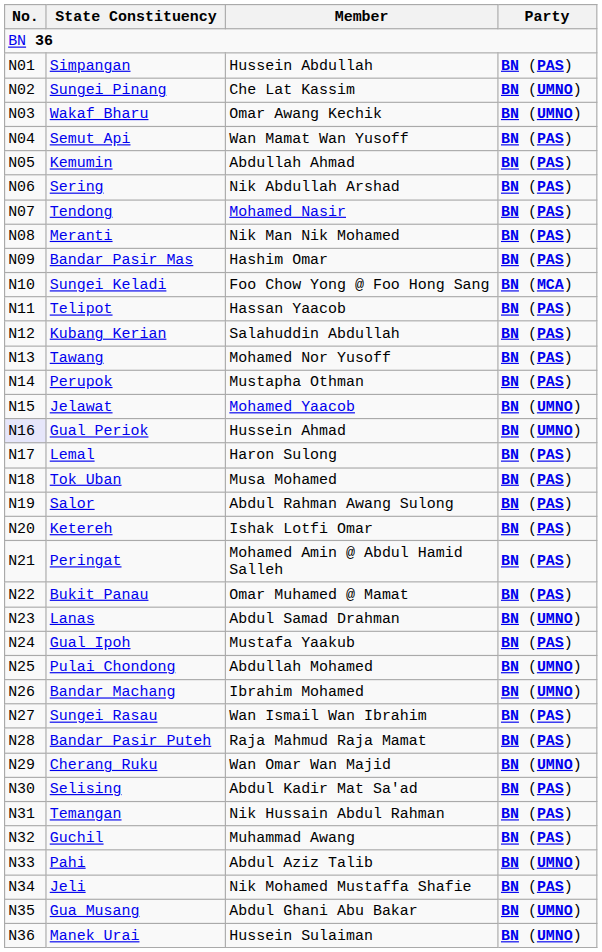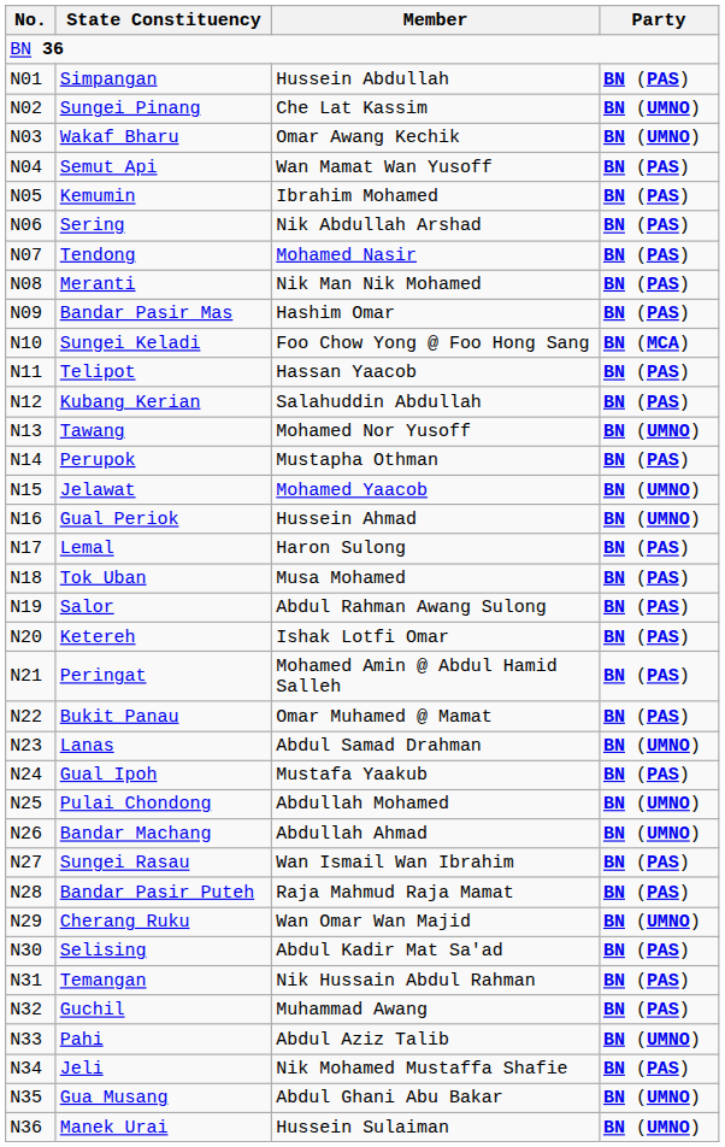 <table class="wikitable sortable">
 <tr>
 <th style="width:30px;">No.</th>
 <th style="width:150px;">State Constituency</th>
 <th style="width:230px;">Member</th>
 <th style="width:80px;">Party</th>
 </tr>
 <tr>
 <td colspan="4"><a href='#'>BN</a> <strong>36</strong></td>
 </tr>
 <tr>
 <td>N01</td>
 <td><a href='#'>Simpangan</a></td>
 <td>Hussein Abdullah</td>
 <td><strong><a href='#'>BN</a></strong> (<strong><a href='#'>PAS</a></strong>)</td>
 </tr>
 <tr>
 <td>N02</td>
 <td><a href='#'>Sungei Pinang</a></td>
 <td>Che Lat Kassim</td>
 <td><strong><a href='#'>BN</a></strong> (<strong><a href='#'>UMNO</a></strong>)</td>
 </tr>
 <tr>
 <td>N03</td>
 <td><a href='#'>Wakaf Bharu</a></td>
 <td>Omar Awang Kechik</td>
 <td><strong><a href='#'>BN</a></strong> (<strong><a href='#'>UMNO</a></strong>)</td>
 </tr>
 <tr>
 <td>N04</td>
 <td><a href='#'>Semut Api</a></td>
 <td>Wan Mamat Wan Yusoff</td>
 <td><strong><a href='#'>BN</a></strong> (<strong><a href='#'>PAS</a></strong>)</td>
 </tr>
 <tr>
 <td>N05</td>
 <td><a href='#'>Kemumin</a></td>
-<td>Abdullah Ahmad</td>
+<td>Ibrahim Mohamed</td>
 <td><strong><a href='#'>BN</a></strong> (<strong><a href='#'>PAS</a></strong>)</td>
 </tr>
 <tr>
 <td>N06</td>
 <td><a href='#'>Sering</a></td>
 <td>Nik Abdullah Arshad</td>
 <td><strong><a href='#'>BN</a></strong> (<strong><a href='#'>PAS</a></strong>)</td>
 </tr>
 <tr>
 <td>N07</td>
 <td><a href='#'>Tendong</a></td>
 <td><a href='#'>Mohamed Nasir</a></td>
 <td><strong><a href='#'>BN</a></strong> (<strong><a href='#'>PAS</a></strong>)</td>
 </tr>
 <tr>
 <td>N08</td>
 <td><a href='#'>Meranti</a></td>
 <td>Nik Man Nik Mohamed</td>
 <td><strong><a href='#'>BN</a></strong> (<strong><a href='#'>PAS</a></strong>)</td>
 </tr>
 <tr>
 <td>N09</td>
 <td><a href='#'>Bandar Pasir Mas</a></td>
 <td>Hashim Omar</td>
 <td><strong><a href='#'>BN</a></strong> (<strong><a href='#'>PAS</a></strong>)</td>
 </tr>
 <tr>
 <td>N10</td>
 <td><a href='#'>Sungei Keladi</a></td>
 <td>Foo Chow Yong @ Foo Hong Sang</td>
 <td><strong><a href='#'>BN</a></strong> (<strong><a href='#'>MCA</a></strong>)</td>
 </tr>
 <tr>
 <td>N11</td>
 <td><a href='#'>Telipot</a></td>
 <td>Hassan Yaacob</td>
 <td><strong><a href='#'>BN</a></strong> (<strong><a href='#'>PAS</a></strong>)</td>
 </tr>
 <tr>
 <td>N12</td>
 <td><a href='#'>Kubang Kerian</a></td>
 <td>Salahuddin Abdullah</td>
 <td><strong><a href='#'>BN</a></strong> (<strong><a href='#'>PAS</a></strong>)</td>
 </tr>
 <tr>
 <td>N13</td>
 <td><a href='#'>Tawang</a></td>
 <td>Mohamed Nor Yusoff</td>
-<td><strong><a href='#'>BN</a></strong> (<strong><a href='#'>PAS</a></strong>)</td>
+<td><strong><a href='#'>BN</a></strong> (<strong><a href='#'>UMNO</a></strong>)</td>
 </tr>
 <tr>
 <td>N14</td>
 <td><a href='#'>Perupok</a></td>
 <td>Mustapha Othman</td>
 <td><strong><a href='#'>BN</a></strong> (<strong><a href='#'>PAS</a></strong>)</td>
 </tr>
 <tr>
 <td>N15</td>
 <td><a href='#'>Jelawat</a></td>
 <td><a href='#'>Mohamed Yaacob</a></td>
 <td><strong><a href='#'>BN</a></strong> (<strong><a href='#'>UMNO</a></strong>)</td>
 </tr>
 <tr>
-<td style="background: lavender;">N16</td>
+<td>N16</td>
 <td><a href='#'>Gual Periok</a></td>
 <td>Hussein Ahmad</td>
 <td><strong><a href='#'>BN</a></strong> (<strong><a href='#'>UMNO</a></strong>)</td>
 </tr>
 <tr>
 <td>N17</td>
 <td><a href='#'>Lemal</a></td>
 <td>Haron Sulong</td>
 <td><strong><a href='#'>BN</a></strong> (<strong><a href='#'>PAS</a></strong>)</td>
 </tr>
 <tr>
 <td>N18</td>
 <td><a href='#'>Tok Uban</a></td>
 <td>Musa Mohamed</td>
 <td><strong><a href='#'>BN</a></strong> (<strong><a href='#'>PAS</a></strong>)</td>
 </tr>
 <tr>
 <td>N19</td>
 <td><a href='#'>Salor</a></td>
 <td>Abdul Rahman Awang Sulong</td>
 <td><strong><a href='#'>BN</a></strong> (<strong><a href='#'>PAS</a></strong>)</td>
 </tr>
 <tr>
 <td>N20</td>
 <td><a href='#'>Ketereh</a></td>
 <td>Ishak Lotfi Omar</td>
 <td><strong><a href='#'>BN</a></strong> (<strong><a href='#'>PAS</a></strong>)</td>
 </tr>
 <tr>
 <td>N21</td>
 <td><a href='#'>Peringat</a></td>
 <td>Mohamed Amin @ Abdul Hamid Salleh</td>
 <td><strong><a href='#'>BN</a></strong> (<strong><a href='#'>PAS</a></strong>)</td>
 </tr>
 <tr>
 <td>N22</td>
 <td><a href='#'>Bukit Panau</a></td>
 <td>Omar Muhamed @ Mamat</td>
 <td><strong><a href='#'>BN</a></strong> (<strong><a href='#'>PAS</a></strong>)</td>
 </tr>
 <tr>
 <td>N23</td>
 <td><a href='#'>Lanas</a></td>
 <td>Abdul Samad Drahman</td>
 <td><strong><a href='#'>BN</a></strong> (<strong><a href='#'>UMNO</a></strong>)</td>
 </tr>
 <tr>
 <td>N24</td>
 <td><a href='#'>Gual Ipoh</a></td>
 <td>Mustafa Yaakub</td>
 <td><strong><a href='#'>BN</a></strong> (<strong><a href='#'>PAS</a></strong>)</td>
 </tr>
 <tr>
 <td>N25</td>
 <td><a href='#'>Pulai Chondong</a></td>
 <td>Abdullah Mohamed</td>
 <td><strong><a href='#'>BN</a></strong> (<strong><a href='#'>UMNO</a></strong>)</td>
 </tr>
 <tr>
 <td>N26</td>
 <td><a href='#'>Bandar Machang</a></td>
-<td>Ibrahim Mohamed</td>
+<td>Abdullah Ahmad</td>
 <td><strong><a href='#'>BN</a></strong> (<strong><a href='#'>UMNO</a></strong>)</td>
 </tr>
 <tr>
 <td>N27</td>
 <td><a href='#'>Sungei Rasau</a></td>
 <td>Wan Ismail Wan Ibrahim</td>
 <td><strong><a href='#'>BN</a></strong> (<strong><a href='#'>PAS</a></strong>)</td>
 </tr>
 <tr>
 <td>N28</td>
 <td><a href='#'>Bandar Pasir Puteh</a></td>
 <td>Raja Mahmud Raja Mamat</td>
 <td><strong><a href='#'>BN</a></strong> (<strong><a href='#'>PAS</a></strong>)</td>
 </tr>
 <tr>
 <td>N29</td>
 <td><a href='#'>Cherang Ruku</a></td>
 <td>Wan Omar Wan Majid</td>
 <td><strong><a href='#'>BN</a></strong> (<strong><a href='#'>UMNO</a></strong>)</td>
 </tr>
 <tr>
 <td>N30</td>
 <td><a href='#'>Selising</a></td>
 <td>Abdul Kadir Mat Sa'ad</td>
 <td><strong><a href='#'>BN</a></strong> (<strong><a href='#'>PAS</a></strong>)</td>
 </tr>
 <tr>
 <td>N31</td>
 <td><a href='#'>Temangan</a></td>
 <td>Nik Hussain Abdul Rahman</td>
 <td><strong><a href='#'>BN</a></strong> (<strong><a href='#'>PAS</a></strong>)</td>
 </tr>
 <tr>
 <td>N32</td>
 <td><a href='#'>Guchil</a></td>
 <td>Muhammad Awang</td>
 <td><strong><a href='#'>BN</a></strong> (<strong><a href='#'>PAS</a></strong>)</td>
 </tr>
 <tr>
 <td>N33</td>
 <td><a href='#'>Pahi</a></td>
 <td>Abdul Aziz Talib</td>
 <td><strong><a href='#'>BN</a></strong> (<strong><a href='#'>UMNO</a></strong>)</td>
 </tr>
 <tr>
 <td>N34</td>
 <td><a href='#'>Jeli</a></td>
 <td>Nik Mohamed Mustaffa Shafie</td>
 <td><strong><a href='#'>BN</a></strong> (<strong><a href='#'>PAS</a></strong>)</td>
 </tr>
 <tr>
 <td>N35</td>
 <td><a href='#'>Gua Musang</a></td>
 <td>Abdul Ghani Abu Bakar</td>
 <td><strong><a href='#'>BN</a></strong> (<strong><a href='#'>UMNO</a></strong>)</td>
 </tr>
 <tr>
 <td>N36</td>
 <td><a href='#'>Manek Urai</a></td>
 <td>Hussein Sulaiman</td>
 <td><strong><a href='#'>BN</a></strong> (<strong><a href='#'>UMNO</a></strong>)</td>
 </tr>
 </table>
